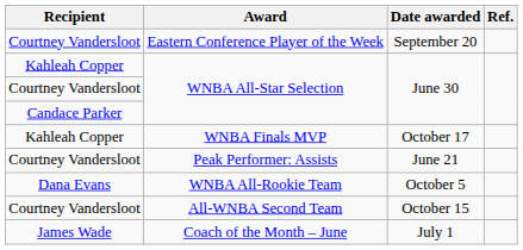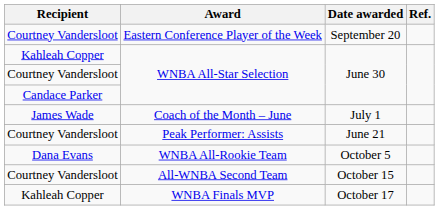 <table class="wikitable sortable sortable" style="text-align: center">
 <tr>
 <th>Recipient</th>
 <th>Award</th>
 <th>Date awarded</th>
 <th class="unsortable">Ref.</th>
 </tr>
 <tr>
 <td><a href='#'>Courtney Vandersloot</a></td>
 <td><a href='#'>Eastern Conference Player of the Week</a></td>
 <td>September 20</td>
 <td></td>
 </tr>
 <tr>
 <td><a href='#'>Kahleah Copper</a></td>
 <td rowspan=3><a href='#'>WNBA All-Star Selection</a></td>
 <td rowspan=3>June 30</td>
 <td rowspan=3></td>
 </tr>
 <tr>
 <td>Courtney Vandersloot</td>
 </tr>
 <tr>
 <td><a href='#'>Candace Parker</a></td>
 </tr>
 <tr>
-<td>Kahleah Copper</td>
-<td><a href='#'>WNBA Finals MVP</a></td>
-<td>October 17</td>
+<td><a href='#'>James Wade</a></td>
+<td><a href='#'>Coach of the Month – June</a></td>
+<td>July 1</td>
 <td></td>
 </tr>
 <tr>
 <td>Courtney Vandersloot</td>
 <td><a href='#'>Peak Performer: Assists</a></td>
 <td>June 21</td>
 <td></td>
 </tr>
 <tr>
 <td><a href='#'>Dana Evans</a></td>
 <td><a href='#'>WNBA All-Rookie Team</a></td>
 <td>October 5</td>
 <td></td>
 </tr>
 <tr>
 <td>Courtney Vandersloot</td>
 <td><a href='#'>All-WNBA Second Team</a></td>
 <td>October 15</td>
 <td></td>
 </tr>
 <tr>
-<td><a href='#'>James Wade</a></td>
-<td><a href='#'>Coach of the Month – June</a></td>
-<td>July 1</td>
+<td>Kahleah Copper</td>
+<td><a href='#'>WNBA Finals MVP</a></td>
+<td>October 17</td>
 <td></td>
 </tr>
 </table>
